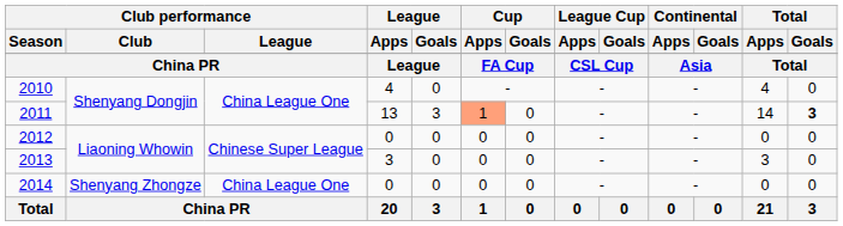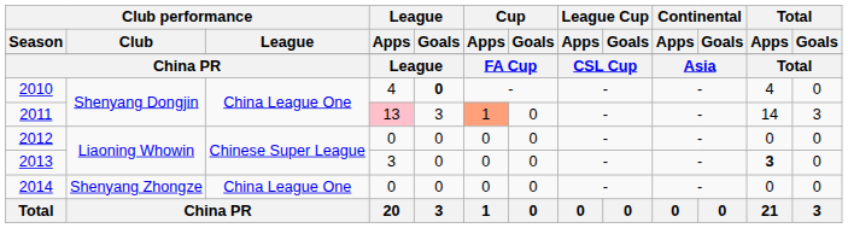 <table class="wikitable" style="text-align:center">
 <tr>
 <th colspan=3>Club performance</th>
 <th colspan=2>League</th>
 <th colspan=2>Cup</th>
 <th colspan=2>League Cup</th>
 <th colspan=2>Continental</th>
 <th colspan=2>Total</th>
 </tr>
 <tr>
 <th>Season</th>
 <th>Club</th>
 <th>League</th>
 <th>Apps</th>
 <th>Goals</th>
 <th>Apps</th>
 <th>Goals</th>
 <th>Apps</th>
 <th>Goals</th>
 <th>Apps</th>
 <th>Goals</th>
 <th>Apps</th>
 <th>Goals</th>
 </tr>
 <tr>
 </tr>
 <tr>
 <th colspan=3>China PR</th>
 <th colspan=2>League</th>
 <th colspan=2><a href='#'>FA Cup</a></th>
 <th colspan=2><a href='#'>CSL Cup</a></th>
 <th colspan=2><a href='#'>Asia</a></th>
 <th colspan=2>Total</th>
 </tr>
 <tr>
 <td><a href='#'>2010</a></td>
 <td rowspan="2"><a href='#'>Shenyang Dongjin</a></td>
 <td rowspan="2"><a href='#'>China League One</a></td>
 <td>4</td>
-<td>0</td>
+<td><strong>0</strong></td>
 <td colspan="2">-</td>
 <td colspan="2">-</td>
 <td colspan="2">-</td>
 <td>4</td>
 <td>0</td>
 </tr>
 <tr>
 <td><a href='#'>2011</a></td>
-<td>13</td>
+<td style="background: pink;">13</td>
 <td>3</td>
 <td style="background: lightsalmon;">1</td>
 <td>0</td>
 <td colspan="2">-</td>
 <td colspan="2">-</td>
 <td>14</td>
-<td><strong>3</strong></td>
+<td>3</td>
 </tr>
 <tr>
 <td><a href='#'>2012</a></td>
 <td rowspan="2"><a href='#'>Liaoning Whowin</a></td>
 <td rowspan="2"><a href='#'>Chinese Super League</a></td>
 <td>0</td>
 <td>0</td>
 <td>0</td>
 <td>0</td>
 <td colspan="2">-</td>
 <td colspan="2">-</td>
 <td>0</td>
 <td>0</td>
 </tr>
 <tr>
 <td><a href='#'>2013</a></td>
 <td>3</td>
 <td>0</td>
 <td>0</td>
 <td>0</td>
 <td colspan="2">-</td>
 <td colspan="2">-</td>
-<td>3</td>
+<td><strong>3</strong></td>
 <td>0</td>
 </tr>
 <tr>
 <td><a href='#'>2014</a></td>
 <td><a href='#'>Shenyang Zhongze</a></td>
 <td><a href='#'>China League One</a></td>
 <td>0</td>
 <td>0</td>
 <td>0</td>
 <td>0</td>
 <td colspan="2">-</td>
 <td colspan="2">-</td>
 <td>0</td>
 <td>0</td>
 </tr>
 <tr>
 <th rowspan=3>Total</th>
 <th colspan=2>China PR</th>
 <th>20</th>
 <th>3</th>
 <th>1</th>
 <th>0</th>
 <th>0</th>
 <th>0</th>
 <th>0</th>
 <th>0</th>
 <th>21</th>
 <th>3</th>
 </tr>
 </table>
